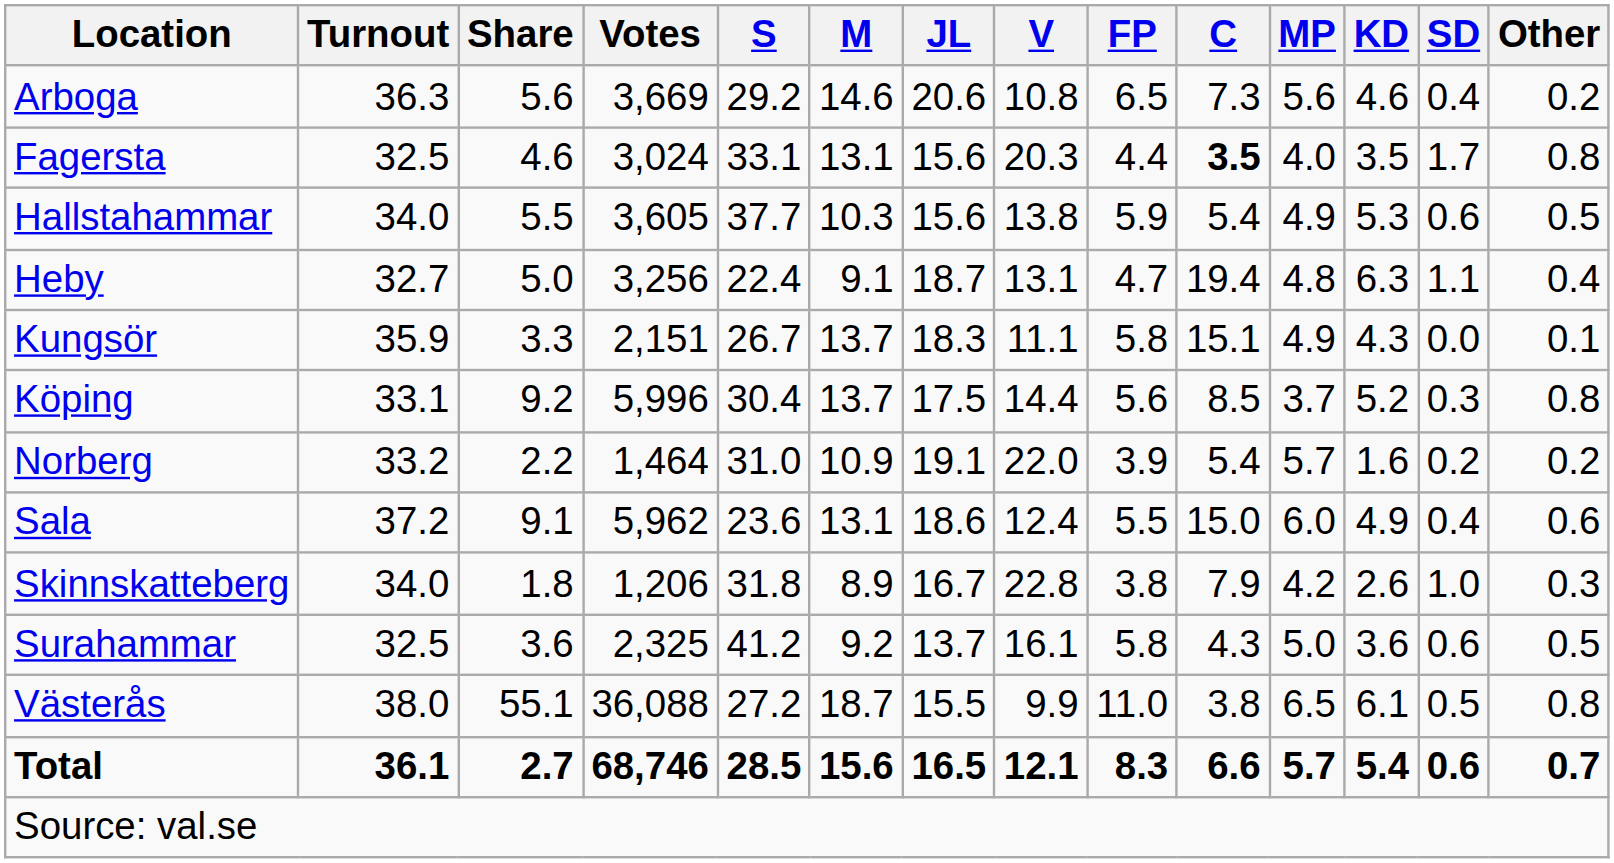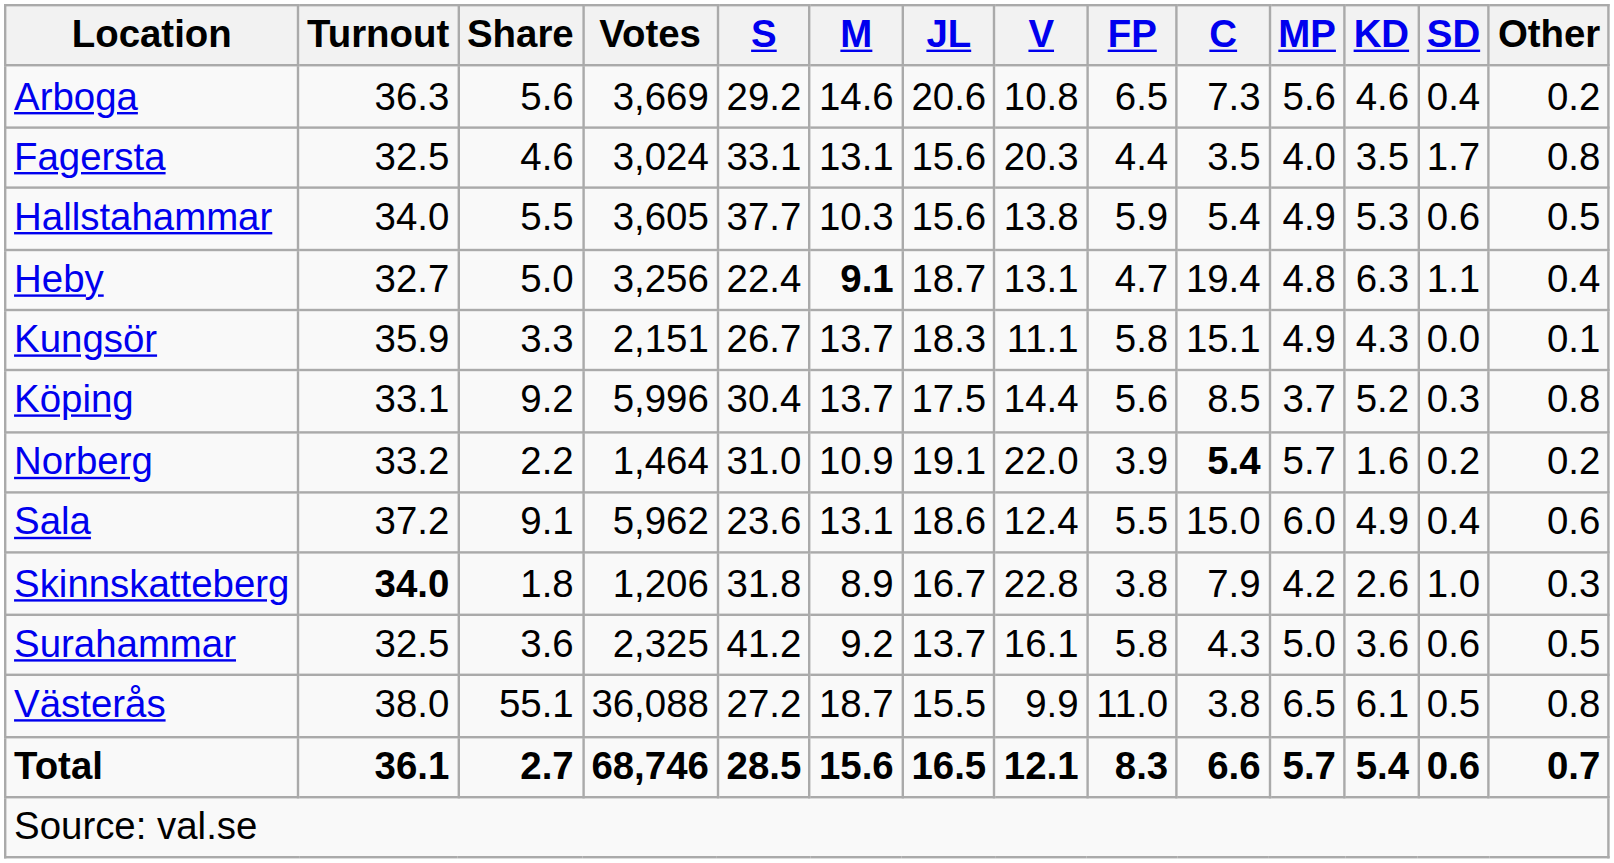 <table class="wikitable sortable" style=text-align:right>
 <tr>
 <th>Location</th>
 <th>Turnout</th>
 <th>Share</th>
 <th>Votes</th>
 <th><a href='#'>S</a></th>
 <th><a href='#'>M</a></th>
 <th><a href='#'>JL</a></th>
 <th><a href='#'>V</a></th>
 <th><a href='#'>FP</a></th>
 <th><a href='#'>C</a></th>
 <th><a href='#'>MP</a></th>
 <th><a href='#'>KD</a></th>
 <th><a href='#'>SD</a></th>
 <th>Other</th>
 </tr>
 <tr>
 <td align=left><a href='#'>Arboga</a></td>
 <td>36.3</td>
 <td>5.6</td>
 <td>3,669</td>
 <td>29.2</td>
 <td>14.6</td>
 <td>20.6</td>
 <td>10.8</td>
 <td>6.5</td>
 <td>7.3</td>
 <td>5.6</td>
 <td>4.6</td>
 <td>0.4</td>
 <td>0.2</td>
 </tr>
 <tr>
 <td align=left><a href='#'>Fagersta</a></td>
 <td>32.5</td>
 <td>4.6</td>
 <td>3,024</td>
 <td>33.1</td>
 <td>13.1</td>
 <td>15.6</td>
 <td>20.3</td>
 <td>4.4</td>
-<td><strong>3.5</strong></td>
+<td>3.5</td>
 <td>4.0</td>
 <td>3.5</td>
 <td>1.7</td>
 <td>0.8</td>
 </tr>
 <tr>
 <td align=left><a href='#'>Hallstahammar</a></td>
 <td>34.0</td>
 <td>5.5</td>
 <td>3,605</td>
 <td>37.7</td>
 <td>10.3</td>
 <td>15.6</td>
 <td>13.8</td>
 <td>5.9</td>
 <td>5.4</td>
 <td>4.9</td>
 <td>5.3</td>
 <td>0.6</td>
 <td>0.5</td>
 </tr>
 <tr>
 <td align=left><a href='#'>Heby</a></td>
 <td>32.7</td>
 <td>5.0</td>
 <td>3,256</td>
 <td>22.4</td>
-<td>9.1</td>
+<td><strong>9.1</strong></td>
 <td>18.7</td>
 <td>13.1</td>
 <td>4.7</td>
 <td>19.4</td>
 <td>4.8</td>
 <td>6.3</td>
 <td>1.1</td>
 <td>0.4</td>
 </tr>
 <tr>
 <td align=left><a href='#'>Kungsör</a></td>
 <td>35.9</td>
 <td>3.3</td>
 <td>2,151</td>
 <td>26.7</td>
 <td>13.7</td>
 <td>18.3</td>
 <td>11.1</td>
 <td>5.8</td>
 <td>15.1</td>
 <td>4.9</td>
 <td>4.3</td>
 <td>0.0</td>
 <td>0.1</td>
 </tr>
 <tr>
 <td align=left><a href='#'>Köping</a></td>
 <td>33.1</td>
 <td>9.2</td>
 <td>5,996</td>
 <td>30.4</td>
 <td>13.7</td>
 <td>17.5</td>
 <td>14.4</td>
 <td>5.6</td>
 <td>8.5</td>
 <td>3.7</td>
 <td>5.2</td>
 <td>0.3</td>
 <td>0.8</td>
 </tr>
 <tr>
 <td align=left><a href='#'>Norberg</a></td>
 <td>33.2</td>
 <td>2.2</td>
 <td>1,464</td>
 <td>31.0</td>
 <td>10.9</td>
 <td>19.1</td>
 <td>22.0</td>
 <td>3.9</td>
-<td>5.4</td>
+<td><strong>5.4</strong></td>
 <td>5.7</td>
 <td>1.6</td>
 <td>0.2</td>
 <td>0.2</td>
 </tr>
 <tr>
 <td align=left><a href='#'>Sala</a></td>
 <td>37.2</td>
 <td>9.1</td>
 <td>5,962</td>
 <td>23.6</td>
 <td>13.1</td>
 <td>18.6</td>
 <td>12.4</td>
 <td>5.5</td>
 <td>15.0</td>
 <td>6.0</td>
 <td>4.9</td>
 <td>0.4</td>
 <td>0.6</td>
 </tr>
 <tr>
 <td align=left><a href='#'>Skinnskatteberg</a></td>
-<td>34.0</td>
+<td><strong>34.0</strong></td>
 <td>1.8</td>
 <td>1,206</td>
 <td>31.8</td>
 <td>8.9</td>
 <td>16.7</td>
 <td>22.8</td>
 <td>3.8</td>
 <td>7.9</td>
 <td>4.2</td>
 <td>2.6</td>
 <td>1.0</td>
 <td>0.3</td>
 </tr>
 <tr>
 <td align=left><a href='#'>Surahammar</a></td>
 <td>32.5</td>
 <td>3.6</td>
 <td>2,325</td>
 <td>41.2</td>
 <td>9.2</td>
 <td>13.7</td>
 <td>16.1</td>
 <td>5.8</td>
 <td>4.3</td>
 <td>5.0</td>
 <td>3.6</td>
 <td>0.6</td>
 <td>0.5</td>
 </tr>
 <tr>
 <td align=left><a href='#'>Västerås</a></td>
 <td>38.0</td>
 <td>55.1</td>
 <td>36,088</td>
 <td>27.2</td>
 <td>18.7</td>
 <td>15.5</td>
 <td>9.9</td>
 <td>11.0</td>
 <td>3.8</td>
 <td>6.5</td>
 <td>6.1</td>
 <td>0.5</td>
 <td>0.8</td>
 </tr>
 <tr>
 <td align=left><strong>Total</strong></td>
 <td><strong>36.1</strong></td>
 <td><strong>2.7</strong></td>
 <td><strong>68,746</strong></td>
 <td><strong>28.5</strong></td>
 <td><strong>15.6</strong></td>
 <td><strong>16.5</strong></td>
 <td><strong>12.1</strong></td>
 <td><strong>8.3</strong></td>
 <td><strong>6.6</strong></td>
 <td><strong>5.7</strong></td>
 <td><strong>5.4</strong></td>
 <td><strong>0.6</strong></td>
 <td><strong>0.7</strong></td>
 </tr>
 <tr>
 <td align=left colspan=14>Source: val.se </td>
 </tr>
 </table>
